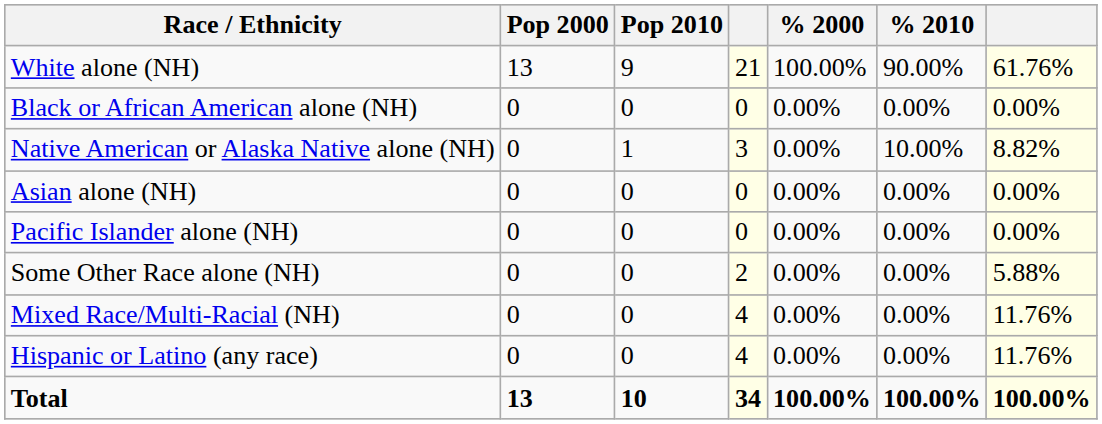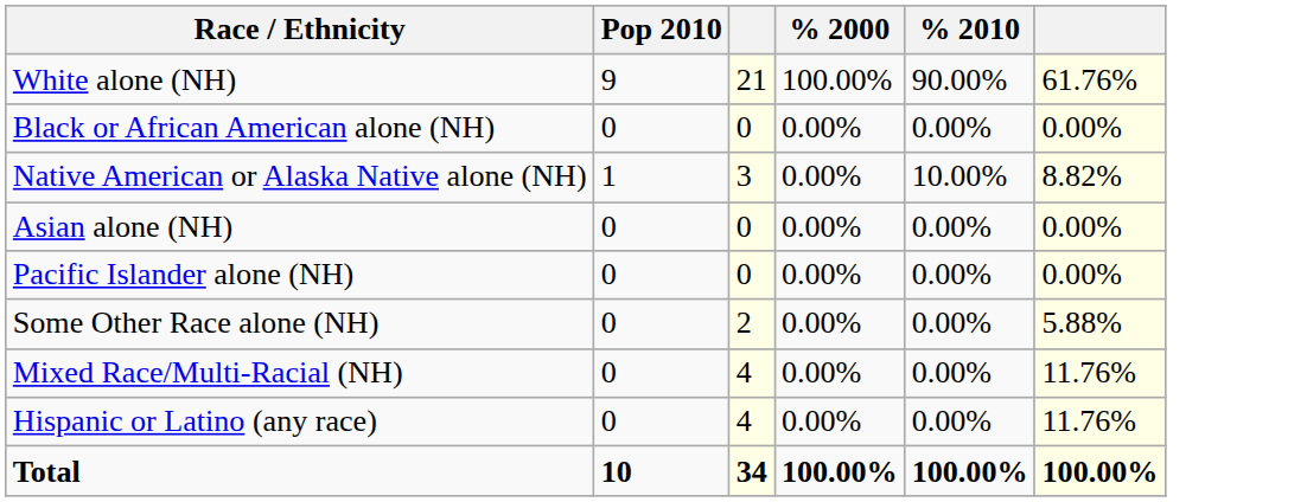 <table class="wikitable">
 <tr>
 <th>Race / Ethnicity</th>
-<th>Pop 2000</th>
 <th>Pop 2010</th>
 <th></th>
 <th>% 2000</th>
 <th>% 2010</th>
 <th></th>
 </tr>
 <tr>
 <td><a href='#'>White</a> alone (NH)</td>
-<td>13</td>
 <td>9</td>
 <td style='background: #ffffe6;'>21</td>
 <td>100.00%</td>
 <td>90.00%</td>
 <td style='background: #ffffe6;'>61.76%</td>
 </tr>
 <tr>
 <td><a href='#'>Black or African American</a> alone (NH)</td>
 <td>0</td>
-<td>0</td>
 <td style='background: #ffffe6;'>0</td>
 <td>0.00%</td>
 <td>0.00%</td>
 <td style='background: #ffffe6;'>0.00%</td>
 </tr>
 <tr>
 <td><a href='#'>Native American</a> or <a href='#'>Alaska Native</a> alone (NH)</td>
-<td>0</td>
 <td>1</td>
 <td style='background: #ffffe6;'>3</td>
 <td>0.00%</td>
 <td>10.00%</td>
 <td style='background: #ffffe6;'>8.82%</td>
 </tr>
 <tr>
 <td><a href='#'>Asian</a> alone (NH)</td>
 <td>0</td>
-<td>0</td>
 <td style='background: #ffffe6;'>0</td>
 <td>0.00%</td>
 <td>0.00%</td>
 <td style='background: #ffffe6;'>0.00%</td>
 </tr>
 <tr>
 <td><a href='#'>Pacific Islander</a> alone (NH)</td>
-<td>0</td>
 <td>0</td>
 <td style='background: #ffffe6;'>0</td>
 <td>0.00%</td>
 <td>0.00%</td>
 <td style='background: #ffffe6;'>0.00%</td>
 </tr>
 <tr>
 <td>Some Other Race alone (NH)</td>
 <td>0</td>
-<td>0</td>
 <td style='background: #ffffe6;'>2</td>
 <td>0.00%</td>
 <td>0.00%</td>
 <td style='background: #ffffe6;'>5.88%</td>
 </tr>
 <tr>
 <td><a href='#'>Mixed Race/Multi-Racial</a> (NH)</td>
-<td>0</td>
 <td>0</td>
 <td style='background: #ffffe6;'>4</td>
 <td>0.00%</td>
 <td>0.00%</td>
 <td style='background: #ffffe6;'>11.76%</td>
 </tr>
 <tr>
 <td><a href='#'>Hispanic or Latino</a> (any race)</td>
 <td>0</td>
-<td>0</td>
 <td style='background: #ffffe6;'>4</td>
 <td>0.00%</td>
 <td>0.00%</td>
 <td style='background: #ffffe6;'>11.76%</td>
 </tr>
 <tr>
 <td><strong>Total</strong></td>
-<td><strong>13</strong></td>
 <td><strong>10</strong></td>
 <td style='background: #ffffe6;'><strong>34</strong></td>
 <td><strong>100.00%</strong></td>
 <td><strong>100.00%</strong></td>
 <td style='background: #ffffe6;'><strong>100.00%</strong></td>
 </tr>
 </table>
